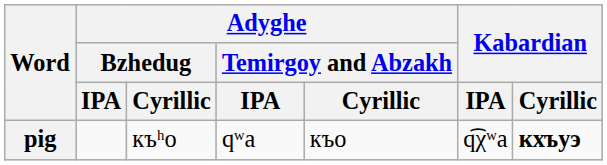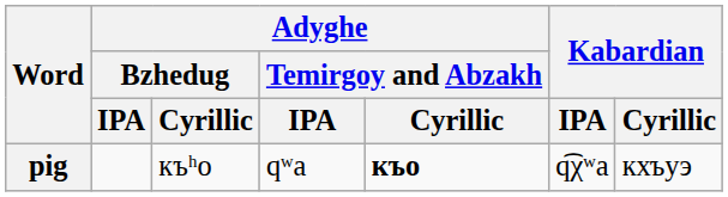 <table class="wikitable" border="1" text-align="right">
 <tr>
 <th rowspan="3">Word</th>
 <th colspan="4"><a href='#'>Adyghe</a></th>
 <th rowspan="2" colspan="2"><a href='#'>Kabardian</a></th>
 </tr>
 <tr>
 <th colspan="2">Bzhedug</th>
 <th colspan="2"><a href='#'>Temirgoy</a> and <a href='#'>Abzakh</a></th>
 </tr>
 <tr>
 <th>IPA</th>
 <th>Cyrillic</th>
 <th>IPA</th>
 <th>Cyrillic</th>
 <th>IPA</th>
 <th>Cyrillic</th>
 </tr>
 <tr>
 <th>pig</th>
 <td></td>
 <td>къʰо</td>
 <td>qʷa</td>
-<td>къо</td>
+<td><strong>къо</strong></td>
 <td>q͡χʷa</td>
-<td><strong>кхъуэ</strong></td>
+<td>кхъуэ</td>
 </tr>
 </table>
